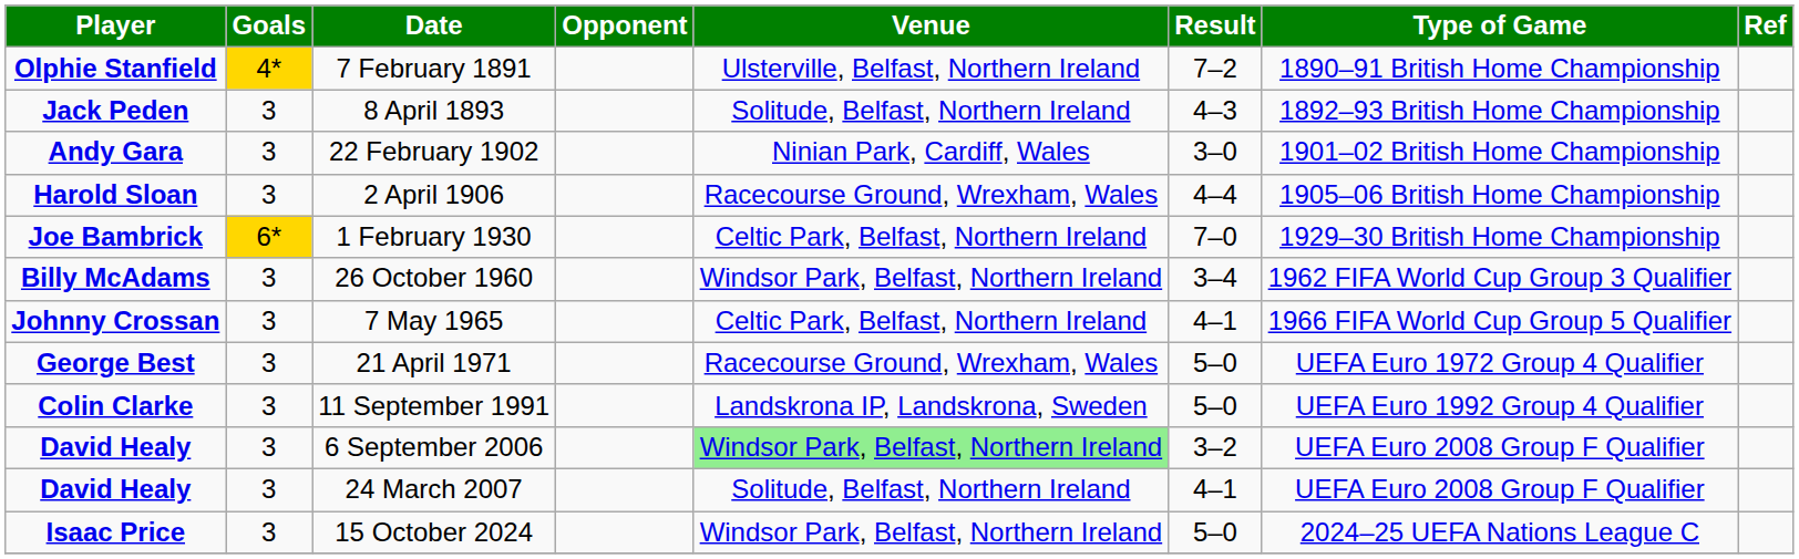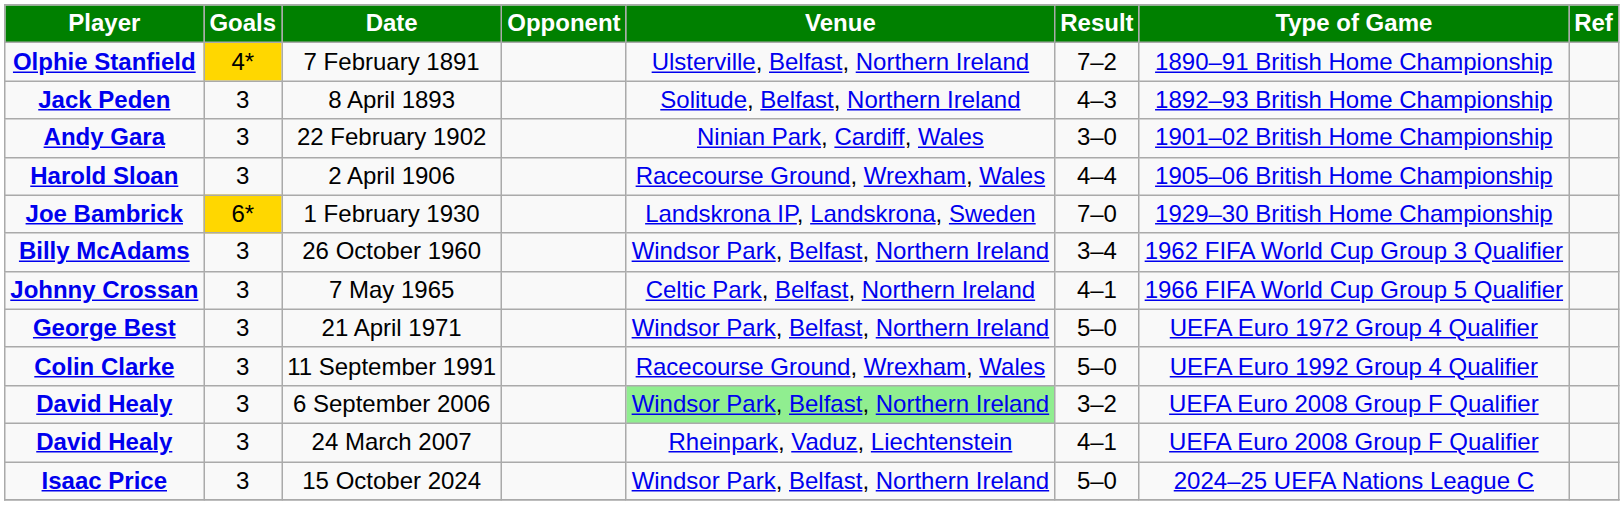 <table class="wikitable sortable" style="text-align:left;">
 <tr>
 <th style="background-color:#008000; color:white; ">Player</th>
 <th style="background-color:#008000; color:white; ">Goals</th>
 <th style="background-color:#008000; color:white; ">Date</th>
 <th style="background-color:#008000; color:white; ">Opponent</th>
 <th style="background-color:#008000; color:white; ">Venue</th>
 <th style="background-color:#008000; color:white; ">Result</th>
 <th style="background-color:#008000; color:white; ">Type of Game</th>
 <th style="background-color:#008000; color:white; ">Ref</th>
 </tr>
 <tr>
 <td align=center><strong><a href='#'>Olphie Stanfield</a></strong></td>
 <td align=center bgcolor=gold>4*</td>
 <td align=center>7 February 1891</td>
 <td align=left></td>
 <td align=center><a href='#'>Ulsterville</a>, <a href='#'>Belfast</a>, <a href='#'>Northern Ireland</a></td>
 <td align=center>7–2</td>
 <td align=center><a href='#'>1890–91 British Home Championship</a></td>
 <td align=center></td>
 </tr>
 <tr>
 <td align=center><strong><a href='#'>Jack Peden</a></strong></td>
 <td align=center>3</td>
 <td align=center>8 April 1893</td>
 <td align=left></td>
 <td align=center><a href='#'>Solitude</a>, <a href='#'>Belfast</a>, <a href='#'>Northern Ireland</a></td>
 <td align=center>4–3</td>
 <td align=center><a href='#'>1892–93 British Home Championship</a></td>
 <td align=center></td>
 </tr>
 <tr>
 <td align=center><strong><a href='#'>Andy Gara</a></strong></td>
 <td align=center>3</td>
 <td align=center>22 February 1902</td>
 <td align=left></td>
 <td align=center><a href='#'>Ninian Park</a>, <a href='#'>Cardiff</a>, <a href='#'>Wales</a></td>
 <td align=center>3–0</td>
 <td align=center><a href='#'>1901–02 British Home Championship</a></td>
 <td align=center></td>
 </tr>
 <tr>
 <td align=center><strong><a href='#'>Harold Sloan</a></strong></td>
 <td align=center>3</td>
 <td align=center>2 April 1906</td>
 <td align=left></td>
 <td align=center><a href='#'>Racecourse Ground</a>, <a href='#'>Wrexham</a>, <a href='#'>Wales</a></td>
 <td align=center>4–4</td>
 <td align=center><a href='#'>1905–06 British Home Championship</a></td>
 <td align=center></td>
 </tr>
 <tr>
 <td align=center><strong><a href='#'>Joe Bambrick</a></strong></td>
 <td align=center bgcolor=gold>6*</td>
 <td align=center>1 February 1930</td>
 <td align=left></td>
-<td align=center><a href='#'>Celtic Park</a>, <a href='#'>Belfast</a>, <a href='#'>Northern Ireland</a></td>
+<td align=center><a href='#'>Landskrona IP</a>, <a href='#'>Landskrona</a>, <a href='#'>Sweden</a></td>
 <td align=center>7–0</td>
 <td align=center><a href='#'>1929–30 British Home Championship</a></td>
 <td align=center></td>
 </tr>
 <tr>
 <td align=center><strong><a href='#'>Billy McAdams</a></strong></td>
 <td align=center>3</td>
 <td align=center>26 October 1960</td>
 <td align=left></td>
 <td align=center><a href='#'>Windsor Park</a>, <a href='#'>Belfast</a>, <a href='#'>Northern Ireland</a></td>
 <td align=center>3–4</td>
 <td align=center><a href='#'>1962 FIFA World Cup Group 3 Qualifier</a></td>
 <td align=center></td>
 </tr>
 <tr>
 <td align=center><strong><a href='#'>Johnny Crossan</a></strong></td>
 <td align=center>3</td>
 <td align=center>7 May 1965</td>
 <td align=left></td>
 <td align=center><a href='#'>Celtic Park</a>, <a href='#'>Belfast</a>, <a href='#'>Northern Ireland</a></td>
 <td align=center>4–1</td>
 <td align=center><a href='#'>1966 FIFA World Cup Group 5 Qualifier</a></td>
 <td align=center></td>
 </tr>
 <tr>
 <td align=center><strong><a href='#'>George Best</a></strong></td>
 <td align=center>3</td>
 <td align=center>21 April 1971</td>
 <td align=left></td>
-<td align=center><a href='#'>Racecourse Ground</a>, <a href='#'>Wrexham</a>, <a href='#'>Wales</a></td>
+<td align=center><a href='#'>Windsor Park</a>, <a href='#'>Belfast</a>, <a href='#'>Northern Ireland</a></td>
 <td align=center>5–0</td>
 <td align=center><a href='#'>UEFA Euro 1972 Group 4 Qualifier</a></td>
 <td align=center></td>
 </tr>
 <tr>
 <td align=center><strong><a href='#'>Colin Clarke</a></strong></td>
 <td align=center>3</td>
 <td align=center>11 September 1991</td>
 <td align=left></td>
-<td align=center><a href='#'>Landskrona IP</a>, <a href='#'>Landskrona</a>, <a href='#'>Sweden</a></td>
+<td align=center><a href='#'>Racecourse Ground</a>, <a href='#'>Wrexham</a>, <a href='#'>Wales</a></td>
 <td align=center>5–0</td>
 <td align=center><a href='#'>UEFA Euro 1992 Group 4 Qualifier</a></td>
 <td align=center></td>
 </tr>
 <tr>
 <td align=center><strong><a href='#'>David Healy</a></strong></td>
 <td align=center>3</td>
 <td align=center>6 September 2006</td>
 <td align=left></td>
 <td align=center style="background: lightgreen;"><a href='#'>Windsor Park</a>, <a href='#'>Belfast</a>, <a href='#'>Northern Ireland</a></td>
 <td align=center>3–2</td>
 <td align=center><a href='#'>UEFA Euro 2008 Group F Qualifier</a></td>
 <td align=center></td>
 </tr>
 <tr>
 <td align=center><strong><a href='#'>David Healy</a></strong></td>
 <td align=center>3</td>
 <td align=center>24 March 2007</td>
 <td align=left></td>
-<td align=center><a href='#'>Solitude</a>, <a href='#'>Belfast</a>, <a href='#'>Northern Ireland</a></td>
+<td align=center><a href='#'>Rheinpark</a>, <a href='#'>Vaduz</a>, <a href='#'>Liechtenstein</a></td>
 <td align=center>4–1</td>
 <td align=center><a href='#'>UEFA Euro 2008 Group F Qualifier</a></td>
 <td align=center></td>
 </tr>
 <tr>
 <td align=center><strong><a href='#'>Isaac Price</a></strong></td>
 <td align=center>3</td>
 <td align=center>15 October 2024</td>
 <td align=left></td>
 <td align=center><a href='#'>Windsor Park</a>, <a href='#'>Belfast</a>, <a href='#'>Northern Ireland</a></td>
 <td align=center>5–0</td>
 <td align=center><a href='#'>2024–25 UEFA Nations League C</a></td>
 <td align=center></td>
 </tr>
 <tr>
 </tr>
 </table>
